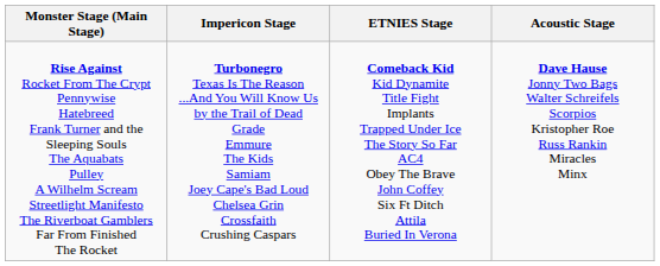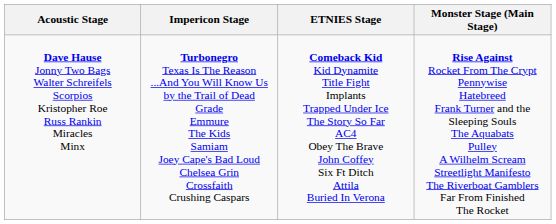 <table class="wikitable">
 <tr>
-<th>Monster Stage (Main Stage)</th>
+<th>Acoustic Stage</th>
 <th>Impericon Stage</th>
 <th>ETNIES Stage</th>
-<th>Acoustic Stage</th>
+<th>Monster Stage (Main Stage)</th>
 </tr>
 <tr>
-<td style="text-align:center; vertical-align:top; width:185px;"><br><strong><a href='#'>Rise Against</a></strong> <br><a href='#'>Rocket From The Crypt</a> <br><a href='#'>Pennywise</a> <br><a href='#'>Hatebreed</a> <br><a href='#'>Frank Turner</a> and the Sleeping Souls <br><a href='#'>The Aquabats</a> <br><a href='#'>Pulley</a> <br><a href='#'>A Wilhelm Scream</a> <br><a href='#'>Streetlight Manifesto</a> <br><a href='#'>The Riverboat Gamblers</a> <br>Far From Finished <br>The Rocket</td>
+<td style="text-align:center; vertical-align:top; width:185px;"><br><strong><a href='#'>Dave Hause</a></strong> <br><a href='#'>Jonny Two Bags</a> <br><a href='#'>Walter Schreifels</a> <br><a href='#'>Scorpios</a> <br>Kristopher Roe <br><a href='#'>Russ Rankin</a> <br>Miracles <br>Minx</td>
 <td style="text-align:center; vertical-align:top; width:185px;"><br><strong><a href='#'>Turbonegro</a></strong> <br><a href='#'>Texas Is The Reason</a> <br><a href='#'>...And You Will Know Us by the Trail of Dead</a> <br><a href='#'>Grade</a> <br><a href='#'>Emmure</a> <br><a href='#'>The Kids</a> <br><a href='#'>Samiam</a> <br><a href='#'>Joey Cape's Bad Loud</a> <br><a href='#'>Chelsea Grin</a> <br><a href='#'>Crossfaith</a> <br>Crushing Caspars</td>
 <td style="text-align:center; vertical-align:top; width:185px;"><br><strong><a href='#'>Comeback Kid</a></strong> <br><a href='#'>Kid Dynamite</a> <br><a href='#'>Title Fight</a> <br>Implants <br><a href='#'>Trapped Under Ice</a> <br><a href='#'>The Story So Far</a> <br><a href='#'>AC4</a> <br>Obey The Brave <br><a href='#'>John Coffey</a> <br>Six Ft Ditch <br><a href='#'>Attila</a> <br><a href='#'>Buried In Verona</a></td>
-<td style="text-align:center; vertical-align:top; width:185px;"><br><strong><a href='#'>Dave Hause</a></strong> <br><a href='#'>Jonny Two Bags</a> <br><a href='#'>Walter Schreifels</a> <br><a href='#'>Scorpios</a> <br>Kristopher Roe <br><a href='#'>Russ Rankin</a> <br>Miracles <br>Minx</td>
+<td style="text-align:center; vertical-align:top; width:185px;"><br><strong><a href='#'>Rise Against</a></strong> <br><a href='#'>Rocket From The Crypt</a> <br><a href='#'>Pennywise</a> <br><a href='#'>Hatebreed</a> <br><a href='#'>Frank Turner</a> and the Sleeping Souls <br><a href='#'>The Aquabats</a> <br><a href='#'>Pulley</a> <br><a href='#'>A Wilhelm Scream</a> <br><a href='#'>Streetlight Manifesto</a> <br><a href='#'>The Riverboat Gamblers</a> <br>Far From Finished <br>The Rocket</td>
 </tr>
 </table>
